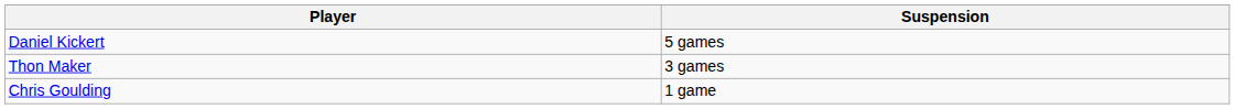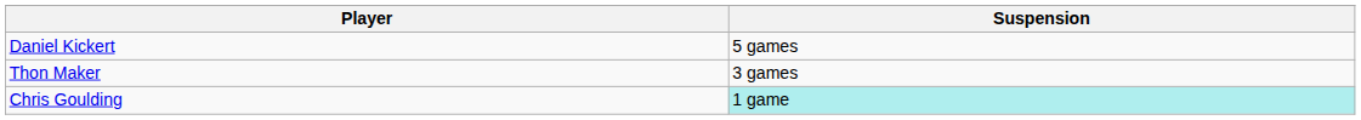 <table class="wikitable sortable" width=100%>
 <tr>
 </tr>
 <tr>
 <th>Player</th>
 <th>Suspension</th>
 </tr>
 <tr>
 <td><a href='#'>Daniel Kickert</a></td>
 <td>5 games</td>
 </tr>
 <tr>
 <td><a href='#'>Thon Maker</a></td>
 <td>3 games</td>
 </tr>
 <tr>
 <td><a href='#'>Chris Goulding</a></td>
-<td>1 game</td>
+<td style="background: paleturquoise;">1 game</td>
 </tr>
 </table>
